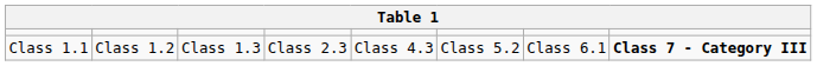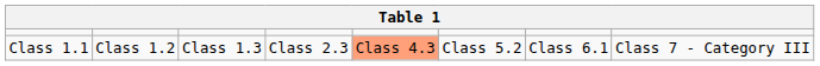 <table align=center class="wikitable">
 <tr>
 <th colspan=8>Table 1</th>
 </tr>
 <tr>
 <td></td>
 <td></td>
 <td></td>
 <td></td>
 <td></td>
 <td></td>
 <td></td>
 <td></td>
 </tr>
 <tr>
 <td>Class 1.1</td>
 <td>Class 1.2</td>
 <td>Class 1.3</td>
 <td>Class 2.3</td>
-<td>Class 4.3</td>
+<td style="background: lightsalmon;">Class 4.3</td>
 <td>Class 5.2</td>
 <td>Class 6.1</td>
-<td><strong>Class 7 - Category III</strong></td>
+<td>Class 7 - Category III</td>
 </tr>
 </table>
